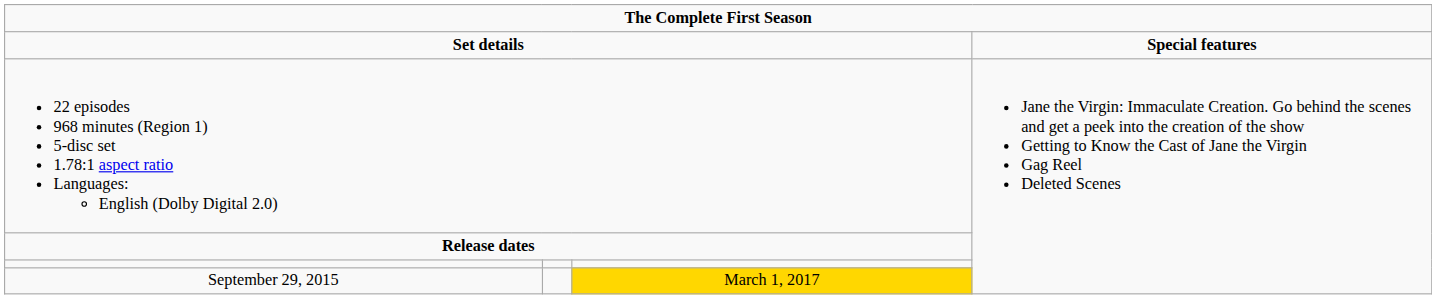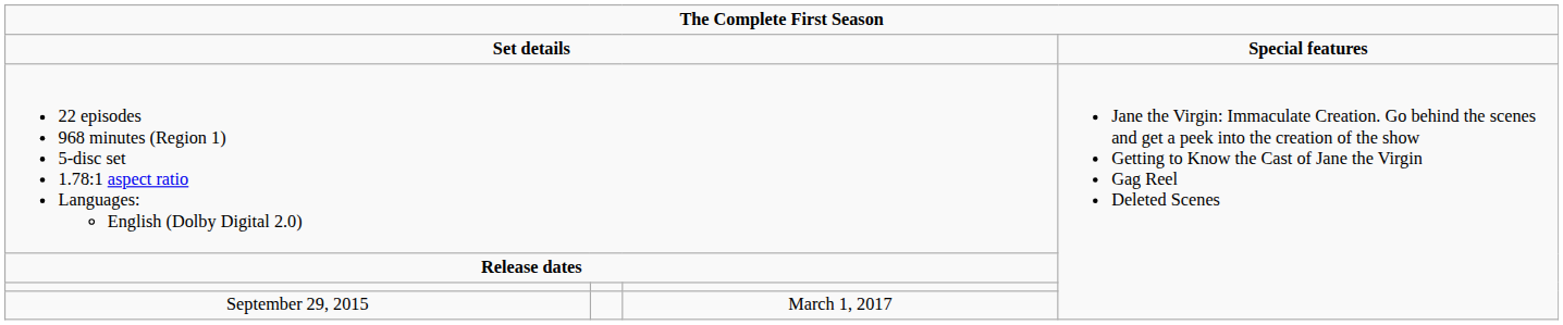 <table class="wikitable plainrowheaders" style="font-size:90%; text-align:center; width: 100%; margin-left: auto; margin-right: auto;">
 <tr>
 <td colspan="6"><strong>The Complete First Season</strong></td>
 </tr>
 <tr>
 <td align="center" width="300" colspan="3"><strong>Set details</strong></td>
 <td width="400" align="center"><strong>Special features</strong></td>
 </tr>
 <tr valign="top">
 <td colspan="3" align="left" width="300"><br><ul><li>22 episodes</li><li>968 minutes (Region 1)</li><li>5-disc set</li><li>1.78:1 <a href='#'>aspect ratio</a></li><li>Languages:<ul><li>English (Dolby Digital 2.0)</li></ul></li></ul></td>
 <td rowspan="4" align="left" width="400"><br><ul><li>Jane the Virgin: Immaculate Creation. Go behind the scenes and get a peek into the creation of the show</li><li>Getting to Know the Cast of Jane the Virgin</li><li>Gag Reel</li><li>Deleted Scenes</li></ul></td>
 </tr>
 <tr>
 <td colspan="3" align="center"><strong>Release dates</strong></td>
 </tr>
 <tr>
 <td align="center"></td>
 <td align="center"></td>
 <td align="center"></td>
 </tr>
 <tr>
 <td align="center">September 29, 2015</td>
 <td align="center"></td>
-<td align="center" style="background: gold;">March 1, 2017</td>
+<td align="center">March 1, 2017</td>
 </tr>
 </table>
